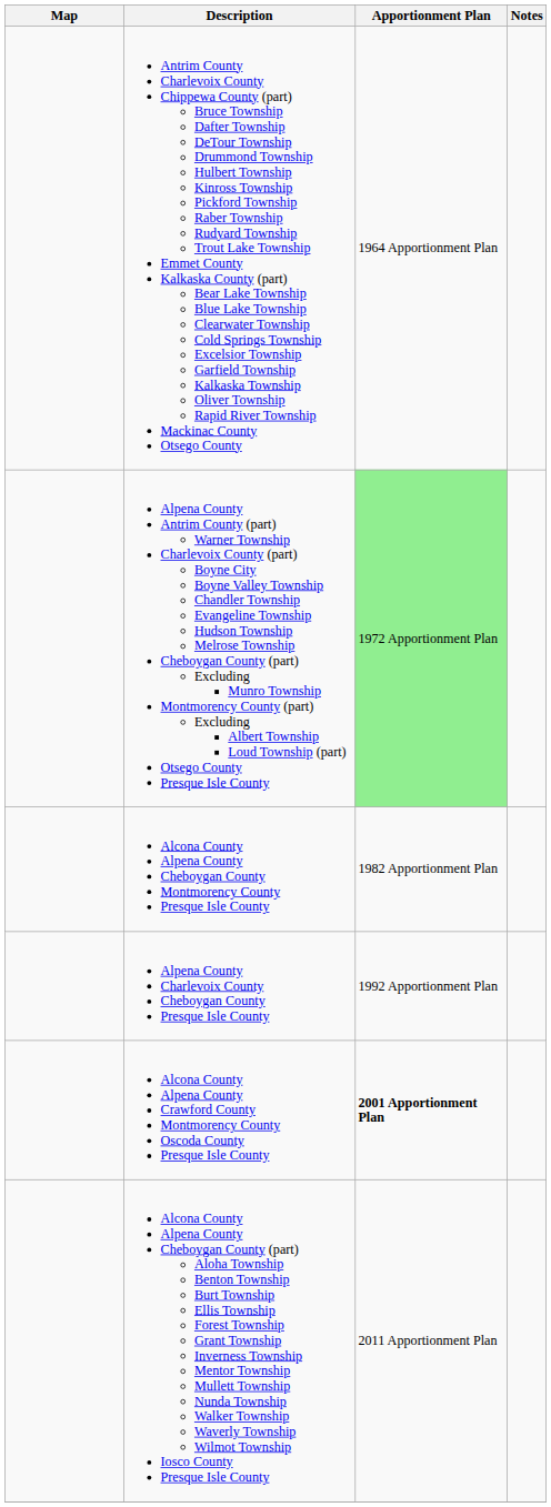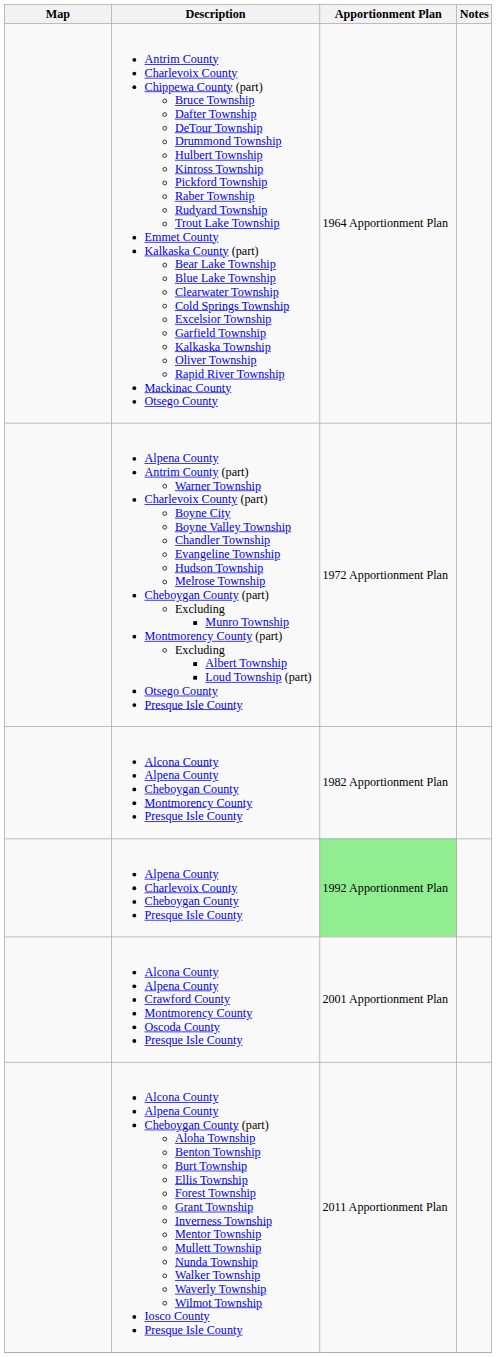 <table class="wikitable sortable">
 <tr>
 <th style="width:100pt;">Map</th>
 <th style="width:200pt;">Description</th>
 <th style="width:130pt;">Apportionment Plan</th>
 <th style="width:15pt;">Notes</th>
 </tr>
 <tr>
 <td></td>
 <td><br><ul><li><a href='#'>Antrim County</a></li><li><a href='#'>Charlevoix County</a></li><li><a href='#'>Chippewa County</a> (part)<ul><li><a href='#'>Bruce Township</a></li><li><a href='#'>Dafter Township</a></li><li><a href='#'>DeTour Township</a></li><li><a href='#'>Drummond Township</a></li><li><a href='#'>Hulbert Township</a></li><li><a href='#'>Kinross Township</a></li><li><a href='#'>Pickford Township</a></li><li><a href='#'>Raber Township</a></li><li><a href='#'>Rudyard Township</a></li><li><a href='#'>Trout Lake Township</a></li></ul></li><li><a href='#'>Emmet County</a></li><li><a href='#'>Kalkaska County</a> (part)<ul><li><a href='#'>Bear Lake Township</a></li><li><a href='#'>Blue Lake Township</a></li><li><a href='#'>Clearwater Township</a></li><li><a href='#'>Cold Springs Township</a></li><li><a href='#'>Excelsior Township</a></li><li><a href='#'>Garfield Township</a></li><li><a href='#'>Kalkaska Township</a></li><li><a href='#'>Oliver Township</a></li><li><a href='#'>Rapid River Township</a></li></ul></li><li><a href='#'>Mackinac County</a></li><li><a href='#'>Otsego County</a></li></ul></td>
 <td>1964 Apportionment Plan</td>
 <td></td>
 </tr>
 <tr>
 <td></td>
 <td><br><ul><li><a href='#'>Alpena County</a></li><li><a href='#'>Antrim County</a> (part)<ul><li><a href='#'>Warner Township</a></li></ul></li><li><a href='#'>Charlevoix County</a> (part)<ul><li><a href='#'>Boyne City</a></li><li><a href='#'>Boyne Valley Township</a></li><li><a href='#'>Chandler Township</a></li><li><a href='#'>Evangeline Township</a></li><li><a href='#'>Hudson Township</a></li><li><a href='#'>Melrose Township</a></li></ul></li><li><a href='#'>Cheboygan County</a> (part)<ul><li>Excluding<ul><li><a href='#'>Munro Township</a></li></ul></li></ul></li><li><a href='#'>Montmorency County</a> (part)<ul><li>Excluding<ul><li><a href='#'>Albert Township</a></li><li><a href='#'>Loud Township</a> (part)</li></ul></li></ul></li><li><a href='#'>Otsego County</a></li><li><a href='#'>Presque Isle County</a></li></ul></td>
-<td style="background: lightgreen;">1972 Apportionment Plan</td>
+<td>1972 Apportionment Plan</td>
 <td></td>
 </tr>
 <tr>
 <td></td>
 <td><br><ul><li><a href='#'>Alcona County</a></li><li><a href='#'>Alpena County</a></li><li><a href='#'>Cheboygan County</a></li><li><a href='#'>Montmorency County</a></li><li><a href='#'>Presque Isle County</a></li></ul></td>
 <td>1982 Apportionment Plan</td>
 <td></td>
 </tr>
 <tr>
 <td></td>
 <td><br><ul><li><a href='#'>Alpena County</a></li><li><a href='#'>Charlevoix County</a></li><li><a href='#'>Cheboygan County</a></li><li><a href='#'>Presque Isle County</a></li></ul></td>
-<td>1992 Apportionment Plan</td>
+<td style="background: lightgreen;">1992 Apportionment Plan</td>
 <td></td>
 </tr>
 <tr>
 <td></td>
 <td><br><ul><li><a href='#'>Alcona County</a></li><li><a href='#'>Alpena County</a></li><li><a href='#'>Crawford County</a></li><li><a href='#'>Montmorency County</a></li><li><a href='#'>Oscoda County</a></li><li><a href='#'>Presque Isle County</a></li></ul></td>
-<td><strong>2001 Apportionment Plan</strong></td>
+<td>2001 Apportionment Plan</td>
 <td></td>
 </tr>
 <tr>
 <td></td>
 <td><br><ul><li><a href='#'>Alcona County</a></li><li><a href='#'>Alpena County</a></li><li><a href='#'>Cheboygan County</a> (part)<ul><li><a href='#'>Aloha Township</a></li><li><a href='#'>Benton Township</a></li><li><a href='#'>Burt Township</a></li><li><a href='#'>Ellis Township</a></li><li><a href='#'>Forest Township</a></li><li><a href='#'>Grant Township</a></li><li><a href='#'>Inverness Township</a></li><li><a href='#'>Mentor Township</a></li><li><a href='#'>Mullett Township</a></li><li><a href='#'>Nunda Township</a></li><li><a href='#'>Walker Township</a></li><li><a href='#'>Waverly Township</a></li><li><a href='#'>Wilmot Township</a></li></ul></li><li><a href='#'>Iosco County</a></li><li><a href='#'>Presque Isle County</a></li></ul></td>
 <td>2011 Apportionment Plan</td>
 <td></td>
 </tr>
 <tr>
 </tr>
 </table>
